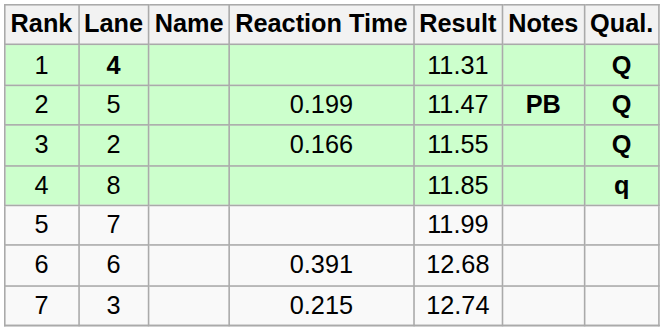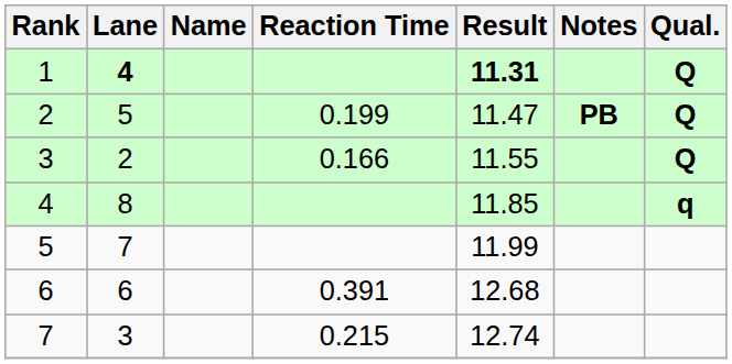 <table class="wikitable" style="text-align:center">
 <tr>
 <th>Rank</th>
 <th>Lane</th>
 <th>Name</th>
 <th>Reaction Time</th>
 <th>Result</th>
 <th>Notes</th>
 <th>Qual.</th>
 </tr>
 <tr bgcolor=ccffcc>
 <td>1</td>
 <td><strong>4</strong></td>
 <td align="left"></td>
 <td></td>
-<td>11.31</td>
+<td><strong>11.31</strong></td>
 <td></td>
 <td><strong>Q</strong></td>
 </tr>
 <tr bgcolor=ccffcc>
 <td>2</td>
 <td>5</td>
 <td align="left"></td>
 <td>0.199</td>
 <td>11.47</td>
 <td><strong>PB</strong></td>
 <td><strong>Q</strong></td>
 </tr>
 <tr bgcolor=ccffcc>
 <td>3</td>
 <td>2</td>
 <td align="left"></td>
 <td>0.166</td>
 <td>11.55</td>
 <td></td>
 <td><strong>Q</strong></td>
 </tr>
 <tr bgcolor=ccffcc>
 <td>4</td>
 <td>8</td>
 <td align="left"></td>
 <td></td>
 <td>11.85</td>
 <td></td>
 <td><strong>q</strong></td>
 </tr>
 <tr>
 <td>5</td>
 <td>7</td>
 <td align="left"></td>
 <td></td>
 <td>11.99</td>
 <td></td>
 <td></td>
 </tr>
 <tr>
 <td>6</td>
 <td>6</td>
 <td align="left"></td>
 <td>0.391</td>
 <td>12.68</td>
 <td></td>
 <td></td>
 </tr>
 <tr>
 <td>7</td>
 <td>3</td>
 <td align="left"></td>
 <td>0.215</td>
 <td>12.74</td>
 <td></td>
 <td></td>
 </tr>
 <tr>
 </tr>
 </table>
